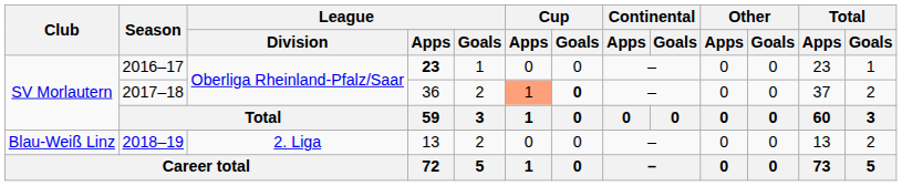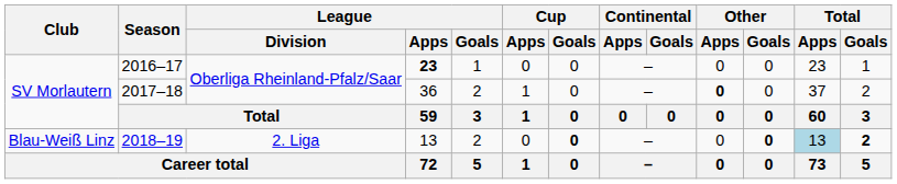 <table class="wikitable" style="text-align:center">
 <tr>
 <th rowspan="2">Club</th>
 <th rowspan="2">Season</th>
 <th colspan="3">League</th>
 <th colspan="2">Cup</th>
 <th colspan="2">Continental</th>
 <th colspan="2">Other</th>
 <th colspan="2">Total</th>
 </tr>
 <tr>
 <th>Division</th>
 <th>Apps</th>
 <th>Goals</th>
 <th>Apps</th>
 <th>Goals</th>
 <th>Apps</th>
 <th>Goals</th>
 <th>Apps</th>
 <th>Goals</th>
 <th>Apps</th>
 <th>Goals</th>
 </tr>
 <tr>
 <td rowspan="3"><a href='#'>SV Morlautern</a></td>
 <td>2016–17</td>
 <td rowspan="2"><a href='#'>Oberliga Rheinland-Pfalz/Saar</a></td>
 <td><strong>23</strong></td>
 <td>1</td>
 <td>0</td>
 <td>0</td>
 <td colspan="2">–</td>
 <td>0</td>
 <td>0</td>
 <td>23</td>
 <td>1</td>
 </tr>
 <tr>
 <td>2017–18</td>
 <td>36</td>
 <td>2</td>
-<td style="background: lightsalmon;">1</td>
+<td>1</td>
+<td>0</td>
+<td colspan="2">–</td>
 <td><strong>0</strong></td>
-<td colspan="2">–</td>
-<td>0</td>
 <td>0</td>
 <td>37</td>
 <td>2</td>
 </tr>
 <tr>
 <th colspan="2">Total</th>
 <th>59</th>
 <th>3</th>
 <th>1</th>
 <th>0</th>
 <th>0</th>
 <th>0</th>
 <th>0</th>
 <th>0</th>
 <th>60</th>
 <th>3</th>
 </tr>
 <tr>
 <td><a href='#'>Blau-Weiß Linz</a></td>
 <td><a href='#'>2018–19</a></td>
 <td><a href='#'>2. Liga</a></td>
 <td>13</td>
 <td>2</td>
 <td>0</td>
-<td>0</td>
+<td><strong>0</strong></td>
 <td colspan="2">–</td>
 <td>0</td>
-<td>0</td>
-<td>13</td>
-<td>2</td>
+<td><strong>0</strong></td>
+<td style="background: lightblue;">13</td>
+<td><strong>2</strong></td>
 </tr>
 <tr>
 <th colspan="3">Career total</th>
 <th>72</th>
 <th>5</th>
 <th>1</th>
 <th>0</th>
 <th colspan="2">–</th>
 <th>0</th>
 <th>0</th>
 <th>73</th>
 <th>5</th>
 </tr>
 </table>
